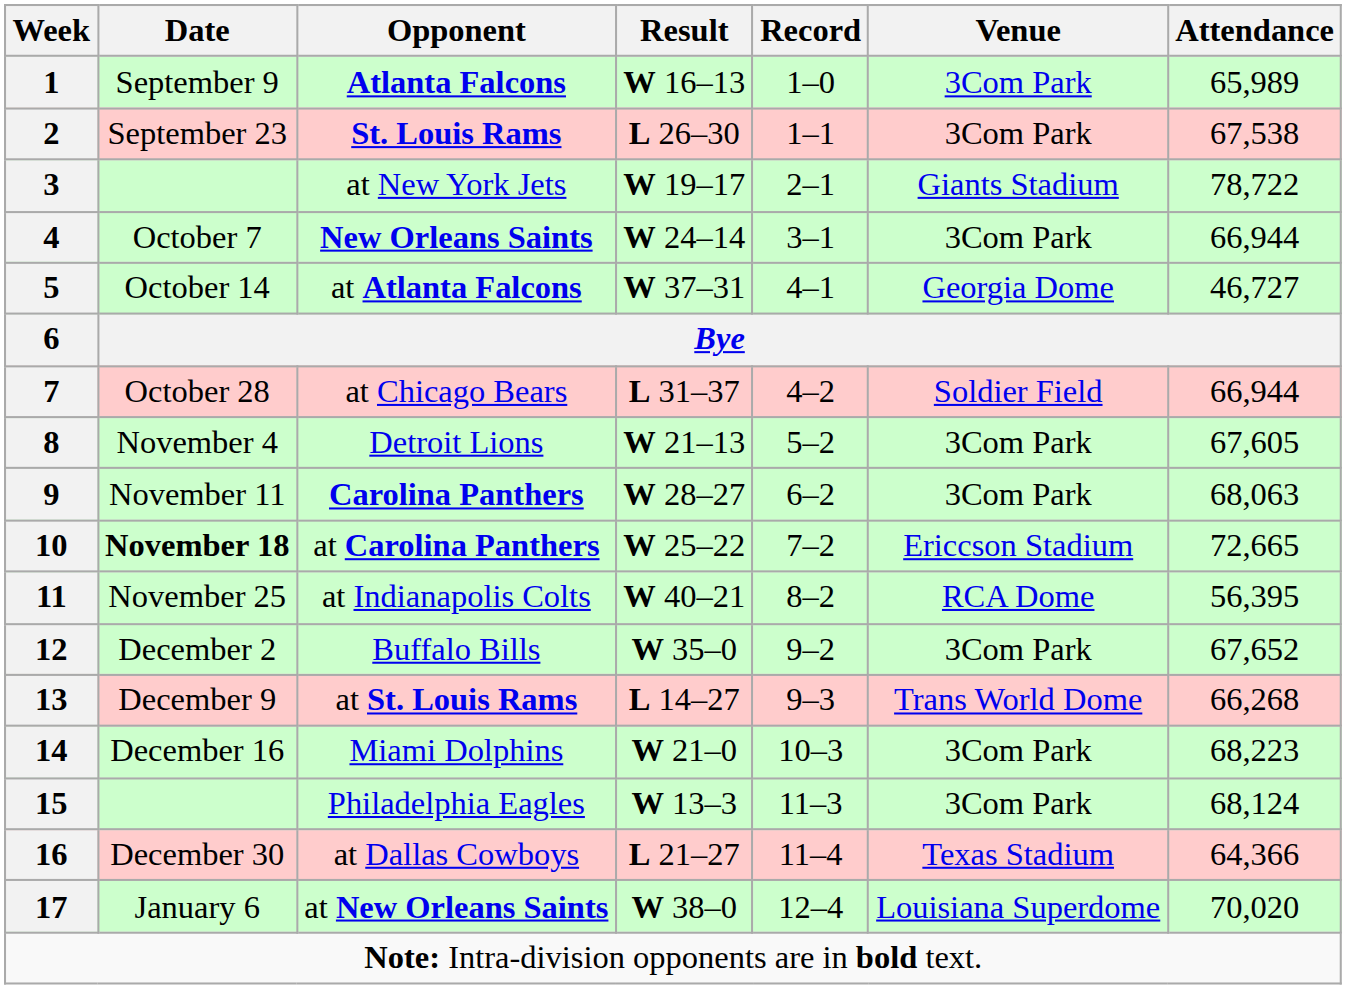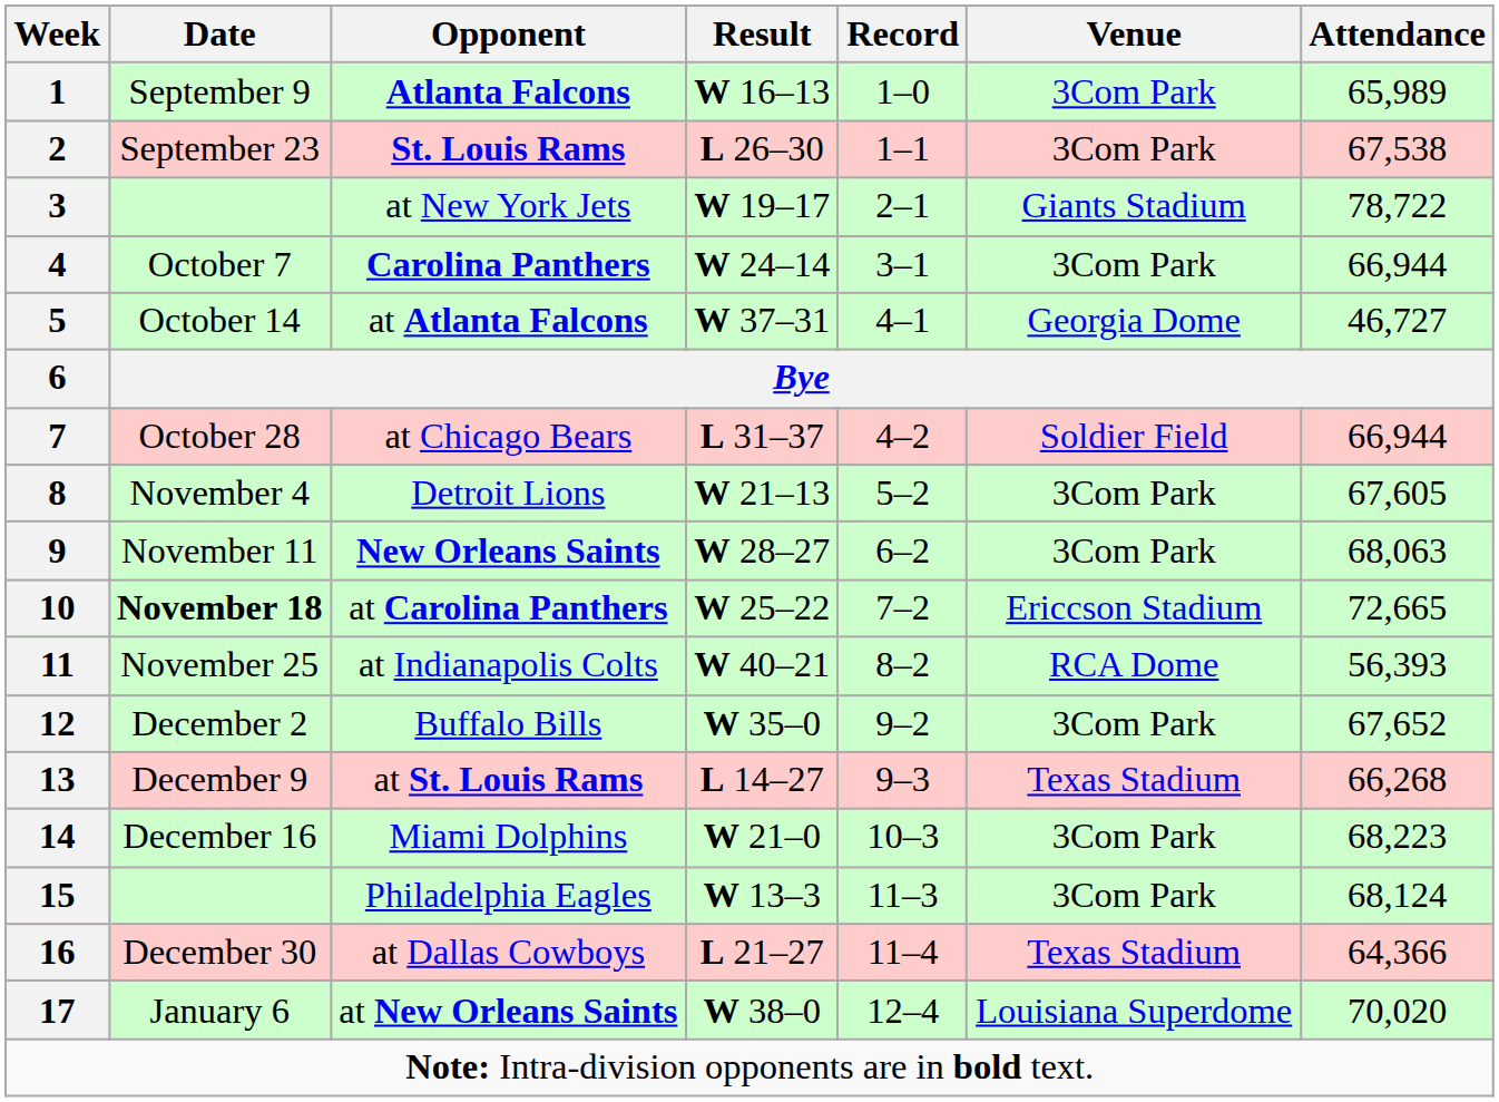 <table class="wikitable" style="text-align:center;">
 <tr>
 <th>Week</th>
 <th>Date</th>
 <th>Opponent</th>
 <th>Result</th>
 <th>Record</th>
 <th>Venue</th>
 <th>Attendance</th>
 </tr>
 <tr style="background:#cfc">
 <th>1</th>
 <td>September 9</td>
 <td><strong><a href='#'>Atlanta Falcons</a></strong></td>
 <td><strong>W</strong> 16–13 </td>
 <td>1–0</td>
 <td><a href='#'>3Com Park</a></td>
 <td>65,989</td>
 </tr>
 <tr style="background:#fcc">
 <th>2</th>
 <td>September 23</td>
 <td><strong><a href='#'>St. Louis Rams</a></strong></td>
 <td><strong>L</strong> 26–30</td>
 <td>1–1</td>
 <td>3Com Park</td>
 <td>67,538</td>
 </tr>
 <tr style="background:#cfc">
 <th>3</th>
 <td></td>
 <td>at <a href='#'>New York Jets</a></td>
 <td><strong>W</strong> 19–17</td>
 <td>2–1</td>
 <td><a href='#'>Giants Stadium</a></td>
 <td>78,722</td>
 </tr>
 <tr bgcolor="#cfc">
 <th>4</th>
 <td>October 7</td>
-<td><strong><a href='#'>New Orleans Saints</a></strong></td>
+<td><strong><a href='#'>Carolina Panthers</a></strong></td>
 <td><strong>W</strong> 24–14</td>
 <td>3–1</td>
 <td>3Com Park</td>
 <td>66,944</td>
 </tr>
 <tr style="background:#cfc">
 <th>5</th>
 <td>October 14</td>
 <td>at <strong><a href='#'>Atlanta Falcons</a></strong></td>
 <td><strong>W</strong> 37–31 </td>
 <td>4–1</td>
 <td><a href='#'>Georgia Dome</a></td>
 <td>46,727</td>
 </tr>
 <tr>
 <th>6</th>
 <th colspan=6><em><a href='#'>Bye</a></em></th>
 </tr>
 <tr style="background:#fcc">
 <th>7</th>
 <td>October 28</td>
 <td>at <a href='#'>Chicago Bears</a></td>
 <td><strong>L</strong> 31–37 </td>
 <td>4–2</td>
 <td><a href='#'>Soldier Field</a></td>
 <td>66,944</td>
 </tr>
 <tr style="background:#cfc">
 <th>8</th>
 <td>November 4</td>
 <td><a href='#'>Detroit Lions</a></td>
 <td><strong>W</strong> 21–13</td>
 <td>5–2</td>
 <td>3Com Park</td>
 <td>67,605</td>
 </tr>
 <tr style="background:#cfc">
 <th>9</th>
 <td>November 11</td>
-<td><strong><a href='#'>Carolina Panthers</a></strong></td>
+<td><strong><a href='#'>New Orleans Saints</a></strong></td>
 <td><strong>W</strong> 28–27</td>
 <td>6–2</td>
 <td>3Com Park</td>
 <td>68,063</td>
 </tr>
 <tr style="background:#cfc">
 <th>10</th>
 <td><strong>November 18</strong></td>
 <td>at <strong><a href='#'>Carolina Panthers</a></strong></td>
 <td><strong>W</strong> 25–22 </td>
 <td>7–2</td>
 <td><a href='#'>Ericcson Stadium</a></td>
 <td>72,665</td>
 </tr>
 <tr style="background:#cfc">
 <th>11</th>
 <td>November 25</td>
 <td>at <a href='#'>Indianapolis Colts</a></td>
 <td><strong>W</strong> 40–21</td>
 <td>8–2</td>
 <td><a href='#'>RCA Dome</a></td>
-<td>56,395</td>
+<td>56,393</td>
 </tr>
 <tr style="background:#cfc">
 <th>12</th>
 <td>December 2</td>
 <td><a href='#'>Buffalo Bills</a></td>
 <td><strong>W</strong> 35–0</td>
 <td>9–2</td>
 <td>3Com Park</td>
 <td>67,652</td>
 </tr>
 <tr style="background:#fcc">
 <th>13</th>
 <td>December 9</td>
 <td>at <strong><a href='#'>St. Louis Rams</a></strong></td>
 <td><strong>L</strong> 14–27</td>
 <td>9–3</td>
-<td><a href='#'>Trans World Dome</a></td>
+<td><a href='#'>Texas Stadium</a></td>
 <td>66,268</td>
 </tr>
 <tr style="background:#cfc">
 <th>14</th>
 <td>December 16</td>
 <td><a href='#'>Miami Dolphins</a></td>
 <td><strong>W</strong> 21–0</td>
 <td>10–3</td>
 <td>3Com Park</td>
 <td>68,223</td>
 </tr>
 <tr style="background:#cfc">
 <th>15</th>
 <td></td>
 <td><a href='#'>Philadelphia Eagles</a></td>
 <td><strong>W</strong> 13–3</td>
 <td>11–3</td>
 <td>3Com Park</td>
 <td>68,124</td>
 </tr>
 <tr style="background:#fcc">
 <th>16</th>
 <td>December 30</td>
 <td>at <a href='#'>Dallas Cowboys</a></td>
 <td><strong>L</strong> 21–27</td>
 <td>11–4</td>
 <td><a href='#'>Texas Stadium</a></td>
 <td>64,366</td>
 </tr>
 <tr style="background:#cfc">
 <th>17</th>
 <td>January 6</td>
 <td>at <strong><a href='#'>New Orleans Saints</a></strong></td>
 <td><strong>W</strong> 38–0</td>
 <td>12–4</td>
 <td><a href='#'>Louisiana Superdome</a></td>
 <td>70,020</td>
 </tr>
 <tr>
 <td colspan="8"><strong>Note:</strong> Intra-division opponents are in <strong>bold</strong> text.</td>
 </tr>
 </table>
